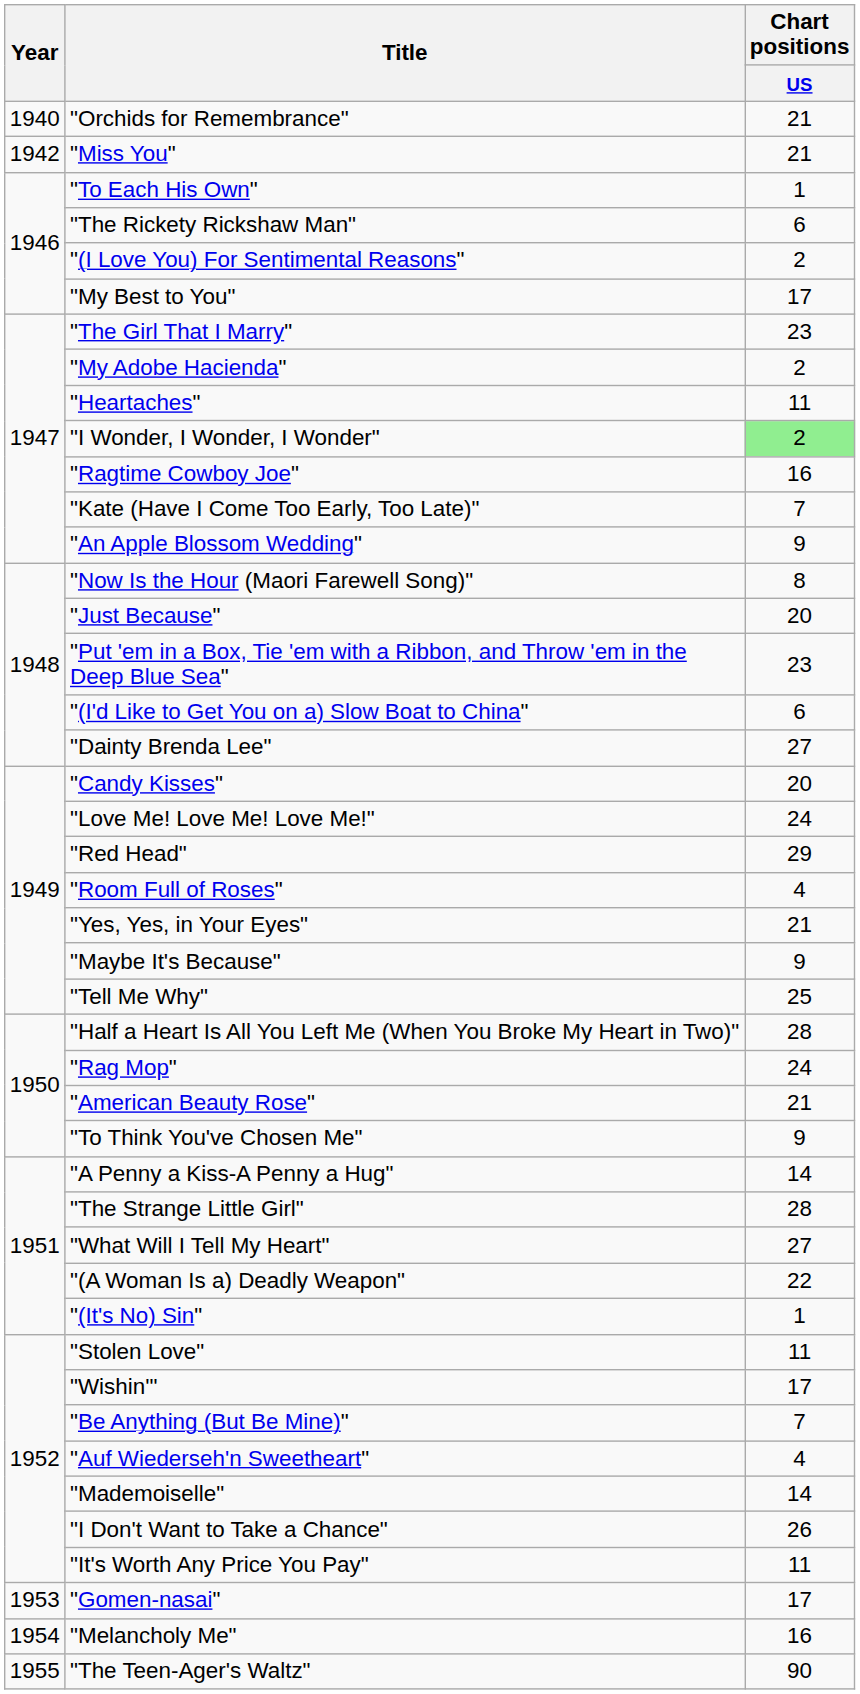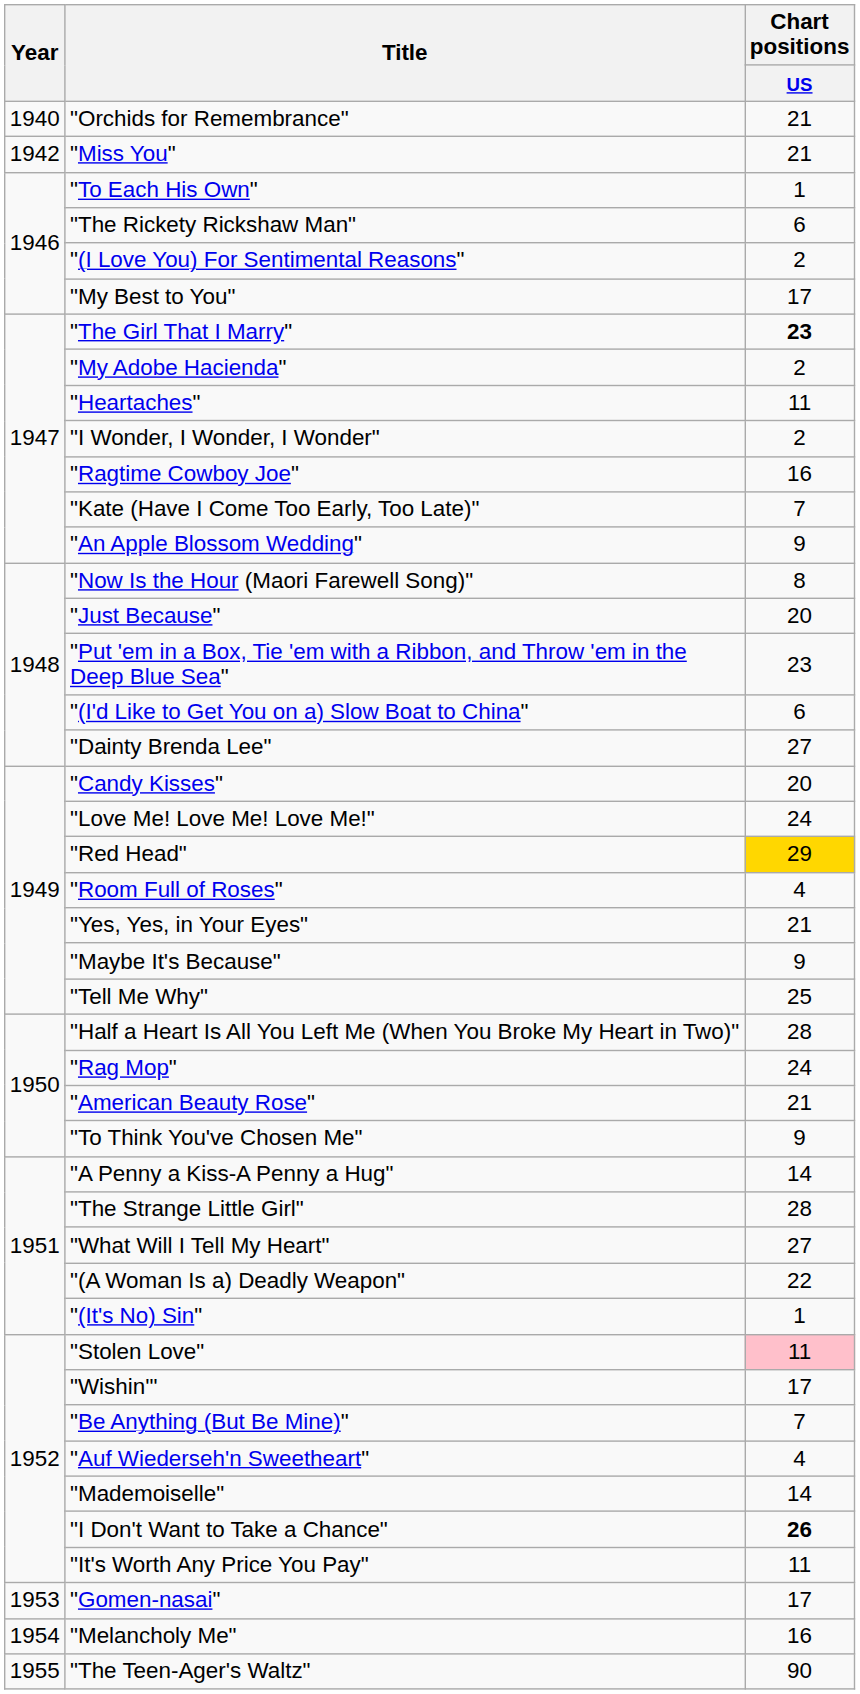 <table class="wikitable">
 <tr>
 <th rowspan="2">Year</th>
 <th rowspan="2">Title</th>
 <th>Chart positions</th>
 </tr>
 <tr>
 <th style="width:45px;"><small><a href='#'>US</a></small></th>
 </tr>
 <tr>
 <td>1940</td>
 <td>"Orchids for Remembrance"</td>
 <td style="text-align:center;">21</td>
 </tr>
 <tr>
 <td>1942</td>
 <td>"<a href='#'>Miss You</a>"</td>
 <td style="text-align:center;">21</td>
 </tr>
 <tr>
 <td rowspan="4">1946</td>
 <td>"<a href='#'>To Each His Own</a>"</td>
 <td style="text-align:center;">1</td>
 </tr>
 <tr>
 <td>"The Rickety Rickshaw Man"</td>
 <td style="text-align:center;">6</td>
 </tr>
 <tr>
 <td>"<a href='#'>(I Love You) For Sentimental Reasons</a>"</td>
 <td style="text-align:center;">2</td>
 </tr>
 <tr>
 <td>"My Best to You"</td>
 <td style="text-align:center;">17</td>
 </tr>
 <tr>
 <td rowspan="7">1947</td>
 <td>"<a href='#'>The Girl That I Marry</a>"</td>
-<td style="text-align:center;">23</td>
+<td style="text-align:center;"><strong>23</strong></td>
 </tr>
 <tr>
 <td>"<a href='#'>My Adobe Hacienda</a>"</td>
 <td style="text-align:center;">2</td>
 </tr>
 <tr>
 <td>"<a href='#'>Heartaches</a>"</td>
 <td style="text-align:center;">11</td>
 </tr>
 <tr>
 <td>"I Wonder, I Wonder, I Wonder"</td>
-<td style="background: lightgreen; text-align:center;">2</td>
+<td style="text-align:center;">2</td>
 </tr>
 <tr>
 <td>"<a href='#'>Ragtime Cowboy Joe</a>"</td>
 <td style="text-align:center;">16</td>
 </tr>
 <tr>
 <td>"Kate (Have I Come Too Early, Too Late)"</td>
 <td style="text-align:center;">7</td>
 </tr>
 <tr>
 <td>"<a href='#'>An Apple Blossom Wedding</a>"</td>
 <td style="text-align:center;">9</td>
 </tr>
 <tr>
 <td rowspan="5">1948</td>
 <td>"<a href='#'>Now Is the Hour</a> (Maori Farewell Song)"</td>
 <td style="text-align:center;">8</td>
 </tr>
 <tr>
 <td>"<a href='#'>Just Because</a>"</td>
 <td style="text-align:center;">20</td>
 </tr>
 <tr>
 <td>"<a href='#'>Put 'em in a Box, Tie 'em with a Ribbon, and Throw 'em in the Deep Blue Sea</a>"</td>
 <td style="text-align:center;">23</td>
 </tr>
 <tr>
 <td>"<a href='#'>(I'd Like to Get You on a) Slow Boat to China</a>"</td>
 <td style="text-align:center;">6</td>
 </tr>
 <tr>
 <td>"Dainty Brenda Lee"</td>
 <td style="text-align:center;">27</td>
 </tr>
 <tr>
 <td rowspan="7">1949</td>
 <td>"<a href='#'>Candy Kisses</a>"</td>
 <td style="text-align:center;">20</td>
 </tr>
 <tr>
 <td>"Love Me! Love Me! Love Me!"</td>
 <td style="text-align:center;">24</td>
 </tr>
 <tr>
 <td>"Red Head"</td>
-<td style="text-align:center;">29</td>
+<td style="background: gold; text-align:center;">29</td>
 </tr>
 <tr>
 <td>"<a href='#'>Room Full of Roses</a>"</td>
 <td style="text-align:center;">4</td>
 </tr>
 <tr>
 <td>"Yes, Yes, in Your Eyes"</td>
 <td style="text-align:center;">21</td>
 </tr>
 <tr>
 <td>"Maybe It's Because"</td>
 <td style="text-align:center;">9</td>
 </tr>
 <tr>
 <td>"Tell Me Why"</td>
 <td style="text-align:center;">25</td>
 </tr>
 <tr>
 <td rowspan="4">1950</td>
 <td>"Half a Heart Is All You Left Me (When You Broke My Heart in Two)"</td>
 <td style="text-align:center;">28</td>
 </tr>
 <tr>
 <td>"<a href='#'>Rag Mop</a>"</td>
 <td style="text-align:center;">24</td>
 </tr>
 <tr>
 <td>"<a href='#'>American Beauty Rose</a>"</td>
 <td style="text-align:center;">21</td>
 </tr>
 <tr>
 <td>"To Think You've Chosen Me"</td>
 <td style="text-align:center;">9</td>
 </tr>
 <tr>
 <td rowspan="5">1951</td>
 <td>"A Penny a Kiss-A Penny a Hug"</td>
 <td style="text-align:center;">14</td>
 </tr>
 <tr>
 <td>"The Strange Little Girl"</td>
 <td style="text-align:center;">28</td>
 </tr>
 <tr>
 <td>"What Will I Tell My Heart"</td>
 <td style="text-align:center;">27</td>
 </tr>
 <tr>
 <td>"(A Woman Is a) Deadly Weapon"</td>
 <td style="text-align:center;">22</td>
 </tr>
 <tr>
 <td>"<a href='#'>(It's No) Sin</a>"</td>
 <td style="text-align:center;">1</td>
 </tr>
 <tr>
 <td rowspan="7">1952</td>
 <td>"Stolen Love"</td>
-<td style="text-align:center;">11</td>
+<td style="background: pink; text-align:center;">11</td>
 </tr>
 <tr>
 <td>"Wishin'"</td>
 <td style="text-align:center;">17</td>
 </tr>
 <tr>
 <td>"<a href='#'>Be Anything (But Be Mine)</a>"</td>
 <td style="text-align:center;">7</td>
 </tr>
 <tr>
 <td>"<a href='#'>Auf Wiederseh'n Sweetheart</a>"</td>
 <td style="text-align:center;">4</td>
 </tr>
 <tr>
 <td>"Mademoiselle"</td>
 <td style="text-align:center;">14</td>
 </tr>
 <tr>
 <td>"I Don't Want to Take a Chance"</td>
-<td style="text-align:center;">26</td>
+<td style="text-align:center;"><strong>26</strong></td>
 </tr>
 <tr>
 <td>"It's Worth Any Price You Pay"</td>
 <td style="text-align:center;">11</td>
 </tr>
 <tr>
 <td>1953</td>
 <td>"<a href='#'>Gomen-nasai</a>"</td>
 <td style="text-align:center;">17</td>
 </tr>
 <tr>
 <td>1954</td>
 <td>"Melancholy Me"</td>
 <td style="text-align:center;">16</td>
 </tr>
 <tr>
 <td>1955</td>
 <td>"The Teen-Ager's Waltz"</td>
 <td style="text-align:center;">90</td>
 </tr>
 </table>
